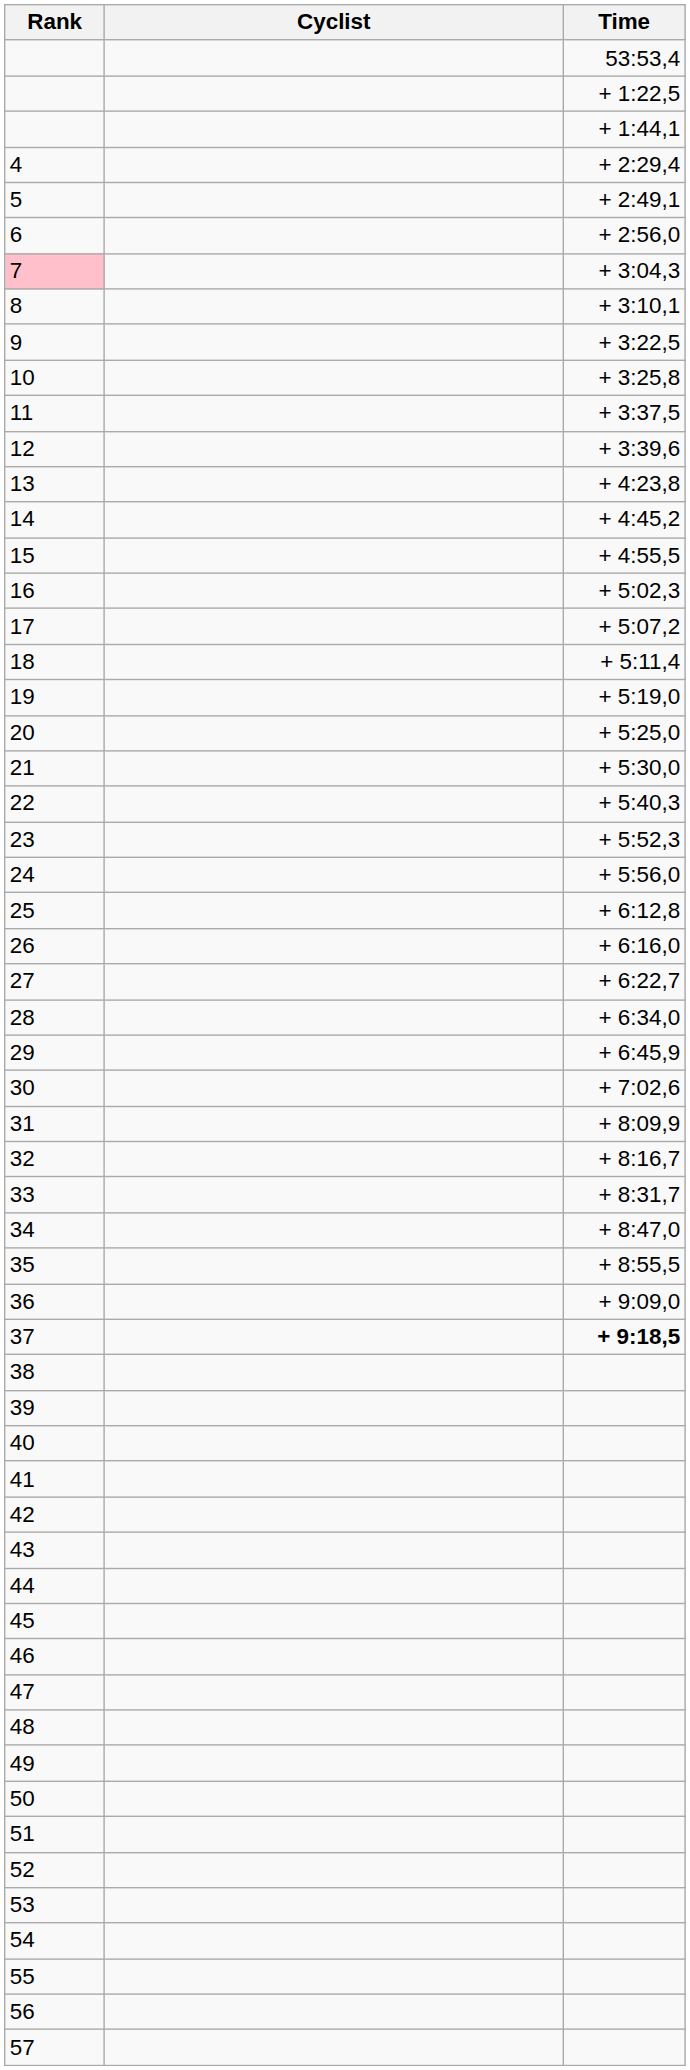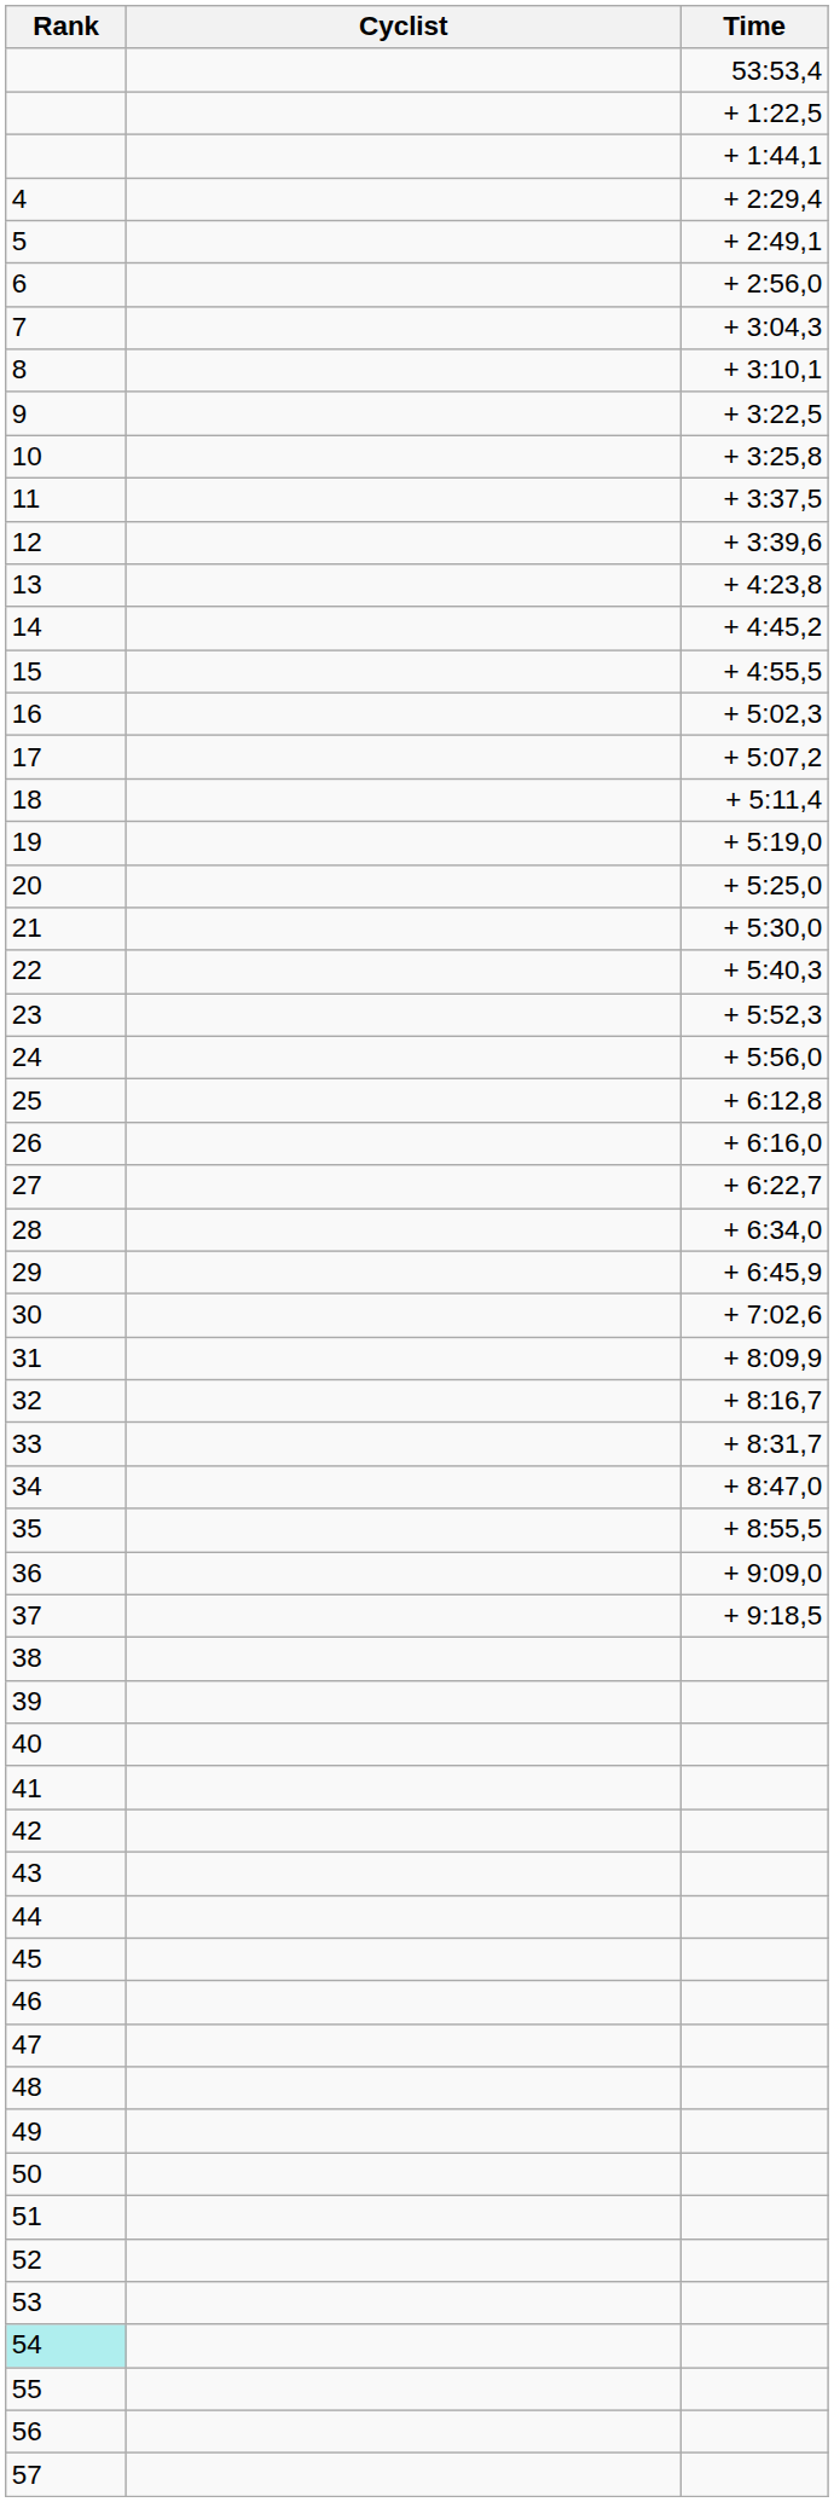 <table class="wikitable">
 <tr>
 <th style="width: 4em;">Rank</th>
 <th style="width: 20em;">Cyclist</th>
 <th style="width: 5em;">Time</th>
 </tr>
 <tr>
 <td></td>
 <td></td>
 <td align="right">53:53,4</td>
 </tr>
 <tr>
 <td></td>
 <td></td>
 <td align="right">+ 1:22,5</td>
 </tr>
 <tr>
 <td></td>
 <td></td>
 <td align="right">+ 1:44,1</td>
 </tr>
 <tr>
 <td>4</td>
 <td></td>
 <td align="right">+ 2:29,4</td>
 </tr>
 <tr>
 <td>5</td>
 <td></td>
 <td align="right">+ 2:49,1</td>
 </tr>
 <tr>
 <td>6</td>
 <td></td>
 <td align="right">+ 2:56,0</td>
 </tr>
 <tr>
-<td style="background: pink;">7</td>
+<td>7</td>
 <td></td>
 <td align="right">+ 3:04,3</td>
 </tr>
 <tr>
 <td>8</td>
 <td></td>
 <td align="right">+ 3:10,1</td>
 </tr>
 <tr>
 <td>9</td>
 <td></td>
 <td align="right">+ 3:22,5</td>
 </tr>
 <tr>
 <td>10</td>
 <td></td>
 <td align="right">+ 3:25,8</td>
 </tr>
 <tr>
 <td>11</td>
 <td></td>
 <td align="right">+ 3:37,5</td>
 </tr>
 <tr>
 <td>12</td>
 <td></td>
 <td align="right">+ 3:39,6</td>
 </tr>
 <tr>
 <td>13</td>
 <td></td>
 <td align="right">+ 4:23,8</td>
 </tr>
 <tr>
 <td>14</td>
 <td></td>
 <td align="right">+ 4:45,2</td>
 </tr>
 <tr>
 <td>15</td>
 <td></td>
 <td align="right">+ 4:55,5</td>
 </tr>
 <tr>
 <td>16</td>
 <td></td>
 <td align="right">+ 5:02,3</td>
 </tr>
 <tr>
 <td>17</td>
 <td></td>
 <td align="right">+ 5:07,2</td>
 </tr>
 <tr>
 <td>18</td>
 <td></td>
 <td align="right">+ 5:11,4</td>
 </tr>
 <tr>
 <td>19</td>
 <td></td>
 <td align="right">+ 5:19,0</td>
 </tr>
 <tr>
 <td>20</td>
 <td></td>
 <td align="right">+ 5:25,0</td>
 </tr>
 <tr>
 <td>21</td>
 <td></td>
 <td align="right">+ 5:30,0</td>
 </tr>
 <tr>
 <td>22</td>
 <td></td>
 <td align="right">+ 5:40,3</td>
 </tr>
 <tr>
 <td>23</td>
 <td></td>
 <td align="right">+ 5:52,3</td>
 </tr>
 <tr>
 <td>24</td>
 <td></td>
 <td align="right">+ 5:56,0</td>
 </tr>
 <tr>
 <td>25</td>
 <td></td>
 <td align="right">+ 6:12,8</td>
 </tr>
 <tr>
 <td>26</td>
 <td></td>
 <td align="right">+ 6:16,0</td>
 </tr>
 <tr>
 <td>27</td>
 <td></td>
 <td align="right">+ 6:22,7</td>
 </tr>
 <tr>
 <td>28</td>
 <td></td>
 <td align="right">+ 6:34,0</td>
 </tr>
 <tr>
 <td>29</td>
 <td></td>
 <td align="right">+ 6:45,9</td>
 </tr>
 <tr>
 <td>30</td>
 <td></td>
 <td align="right">+ 7:02,6</td>
 </tr>
 <tr>
 <td>31</td>
 <td></td>
 <td align="right">+ 8:09,9</td>
 </tr>
 <tr>
 <td>32</td>
 <td></td>
 <td align="right">+ 8:16,7</td>
 </tr>
 <tr>
 <td>33</td>
 <td></td>
 <td align="right">+ 8:31,7</td>
 </tr>
 <tr>
 <td>34</td>
 <td></td>
 <td align="right">+ 8:47,0</td>
 </tr>
 <tr>
 <td>35</td>
 <td></td>
 <td align="right">+ 8:55,5</td>
 </tr>
 <tr>
 <td>36</td>
 <td></td>
 <td align="right">+ 9:09,0</td>
 </tr>
 <tr>
 <td>37</td>
 <td></td>
-<td align="right"><strong>+ 9:18,5</strong></td>
+<td align="right">+ 9:18,5</td>
 </tr>
 <tr>
 <td>38</td>
 <td></td>
 <td align="right"></td>
 </tr>
 <tr>
 <td>39</td>
 <td></td>
 <td align="right"></td>
 </tr>
 <tr>
 <td>40</td>
 <td></td>
 <td align="right"></td>
 </tr>
 <tr>
 <td>41</td>
 <td></td>
 <td align="right"></td>
 </tr>
 <tr>
 <td>42</td>
 <td></td>
 <td align="right"></td>
 </tr>
 <tr>
 <td>43</td>
 <td></td>
 <td align="right"></td>
 </tr>
 <tr>
 <td>44</td>
 <td></td>
 <td align="right"></td>
 </tr>
 <tr>
 <td>45</td>
 <td></td>
 <td align="right"></td>
 </tr>
 <tr>
 <td>46</td>
 <td></td>
 <td align="right"></td>
 </tr>
 <tr>
 <td>47</td>
 <td></td>
 <td align="right"></td>
 </tr>
 <tr>
 <td>48</td>
 <td></td>
 <td align="right"></td>
 </tr>
 <tr>
 <td>49</td>
 <td></td>
 <td align="right"></td>
 </tr>
 <tr>
 <td>50</td>
 <td></td>
 <td align="right"></td>
 </tr>
 <tr>
 <td>51</td>
 <td></td>
 <td align="right"></td>
 </tr>
 <tr>
 <td>52</td>
 <td></td>
 <td align="right"></td>
 </tr>
 <tr>
 <td>53</td>
 <td></td>
 <td align="right"></td>
 </tr>
 <tr>
-<td>54</td>
+<td style="background: paleturquoise;">54</td>
 <td></td>
 <td align="right"></td>
 </tr>
 <tr>
 <td>55</td>
 <td></td>
 <td align="right"></td>
 </tr>
 <tr>
 <td>56</td>
 <td></td>
 <td align="right"></td>
 </tr>
 <tr>
 <td>57</td>
 <td></td>
 <td align="right"></td>
 </tr>
 </table>
